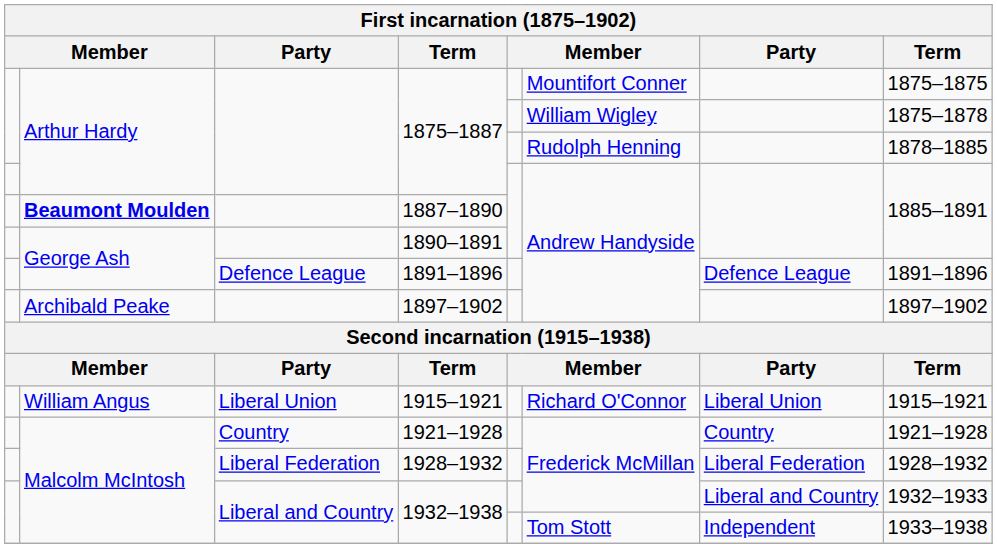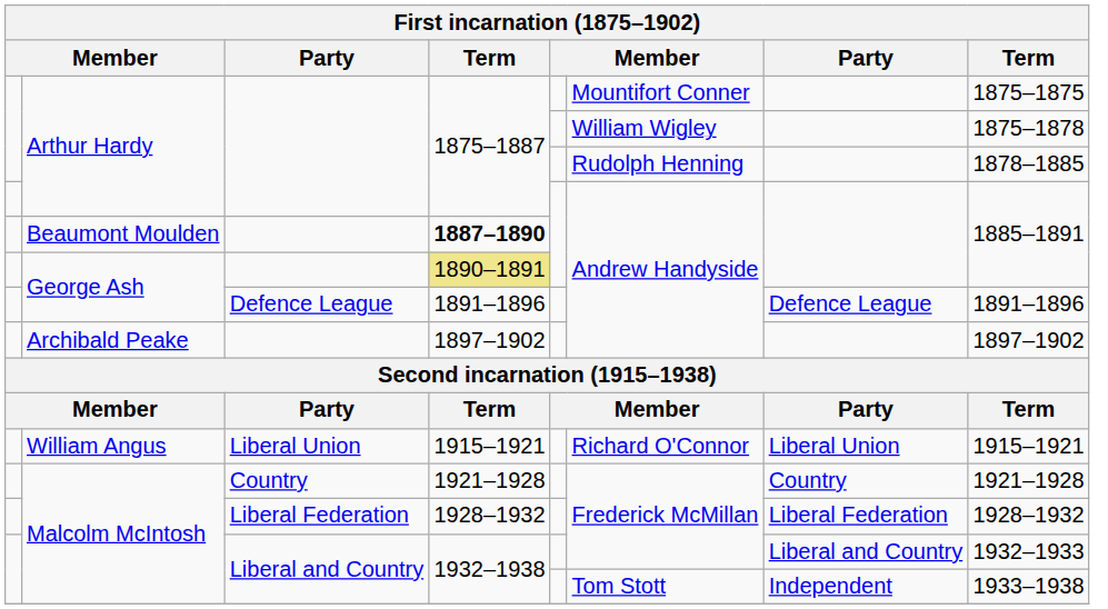 <table class="wikitable">
 <tr>
 <th colspan=8>First incarnation (1875–1902)</th>
 </tr>
 <tr>
 <th colspan=2>Member</th>
 <th>Party</th>
 <th>Term</th>
 <th colspan=2>Member</th>
 <th>Party</th>
 <th>Term</th>
 </tr>
 <tr>
 <td rowspan=3 > </td>
 <td rowspan=4><a href='#'>Arthur Hardy</a></td>
 <td rowspan=4></td>
 <td rowspan=4>1875–1887</td>
 <td> </td>
 <td><a href='#'>Mountifort Conner</a></td>
 <td></td>
 <td>1875–1875</td>
 </tr>
 <tr>
 <td> </td>
 <td><a href='#'>William Wigley</a></td>
 <td></td>
 <td>1875–1878</td>
 </tr>
 <tr>
 <td> </td>
 <td><a href='#'>Rudolph Henning</a></td>
 <td></td>
 <td>1878–1885</td>
 </tr>
 <tr>
 <td> </td>
 <td rowspan=3 > </td>
 <td rowspan=5><a href='#'>Andrew Handyside</a></td>
 <td rowspan=3></td>
 <td rowspan=3>1885–1891</td>
 </tr>
 <tr>
 <td> </td>
-<td><strong><a href='#'>Beaumont Moulden</a></strong></td>
+<td><a href='#'>Beaumont Moulden</a></td>
 <td></td>
-<td>1887–1890</td>
+<td><strong>1887–1890</strong></td>
 </tr>
 <tr>
 <td> </td>
 <td rowspan=2><a href='#'>George Ash</a></td>
 <td></td>
-<td>1890–1891</td>
+<td style="background: khaki;">1890–1891</td>
 </tr>
 <tr>
 <td> </td>
 <td><a href='#'>Defence League</a></td>
 <td>1891–1896</td>
 <td> </td>
 <td><a href='#'>Defence League</a></td>
 <td>1891–1896</td>
 </tr>
 <tr>
 <td> </td>
 <td><a href='#'>Archibald Peake</a></td>
 <td></td>
 <td>1897–1902</td>
 <td> </td>
 <td></td>
 <td>1897–1902</td>
 </tr>
 <tr>
 <th colspan=8>Second incarnation (1915–1938)</th>
 </tr>
 <tr>
 <th colspan=2>Member</th>
 <th>Party</th>
 <th>Term</th>
 <th colspan=2>Member</th>
 <th>Party</th>
 <th>Term</th>
 </tr>
 <tr>
 <td> </td>
 <td><a href='#'>William Angus</a></td>
 <td><a href='#'>Liberal Union</a></td>
 <td>1915–1921</td>
 <td> </td>
 <td><a href='#'>Richard O'Connor</a></td>
 <td><a href='#'>Liberal Union</a></td>
 <td>1915–1921</td>
 </tr>
 <tr>
 <td> </td>
 <td rowspan=4><a href='#'>Malcolm McIntosh</a></td>
 <td><a href='#'>Country</a></td>
 <td>1921–1928</td>
 <td> </td>
 <td rowspan=3><a href='#'>Frederick McMillan</a></td>
 <td><a href='#'>Country</a></td>
 <td>1921–1928</td>
 </tr>
 <tr>
 <td> </td>
 <td><a href='#'>Liberal Federation</a></td>
 <td>1928–1932</td>
 <td> </td>
 <td><a href='#'>Liberal Federation</a></td>
 <td>1928–1932</td>
 </tr>
 <tr>
 <td rowspan=2 > </td>
 <td rowspan=2><a href='#'>Liberal and Country</a></td>
 <td rowspan=2>1932–1938</td>
 <td> </td>
 <td><a href='#'>Liberal and Country</a></td>
 <td>1932–1933</td>
 </tr>
 <tr>
 <td> </td>
 <td><a href='#'>Tom Stott</a></td>
 <td><a href='#'>Independent</a></td>
 <td>1933–1938</td>
 </tr>
 <tr>
 </tr>
 </table>
